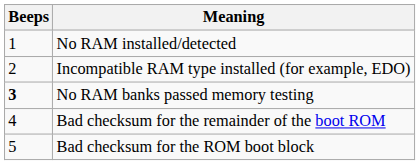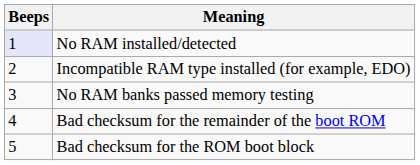 <table class="wikitable">
 <tr>
 <th>Beeps</th>
 <th>Meaning</th>
 </tr>
 <tr>
-<td>1</td>
+<td style="background: lavender;">1</td>
 <td>No RAM installed/detected</td>
 </tr>
 <tr>
 <td>2</td>
 <td>Incompatible RAM type installed (for example, EDO)</td>
 </tr>
 <tr>
-<td><strong>3</strong></td>
+<td>3</td>
 <td>No RAM banks passed memory testing</td>
 </tr>
 <tr>
 <td>4</td>
 <td>Bad checksum for the remainder of the <a href='#'>boot ROM</a></td>
 </tr>
 <tr>
 <td>5</td>
 <td>Bad checksum for the ROM boot block</td>
 </tr>
 </table>
